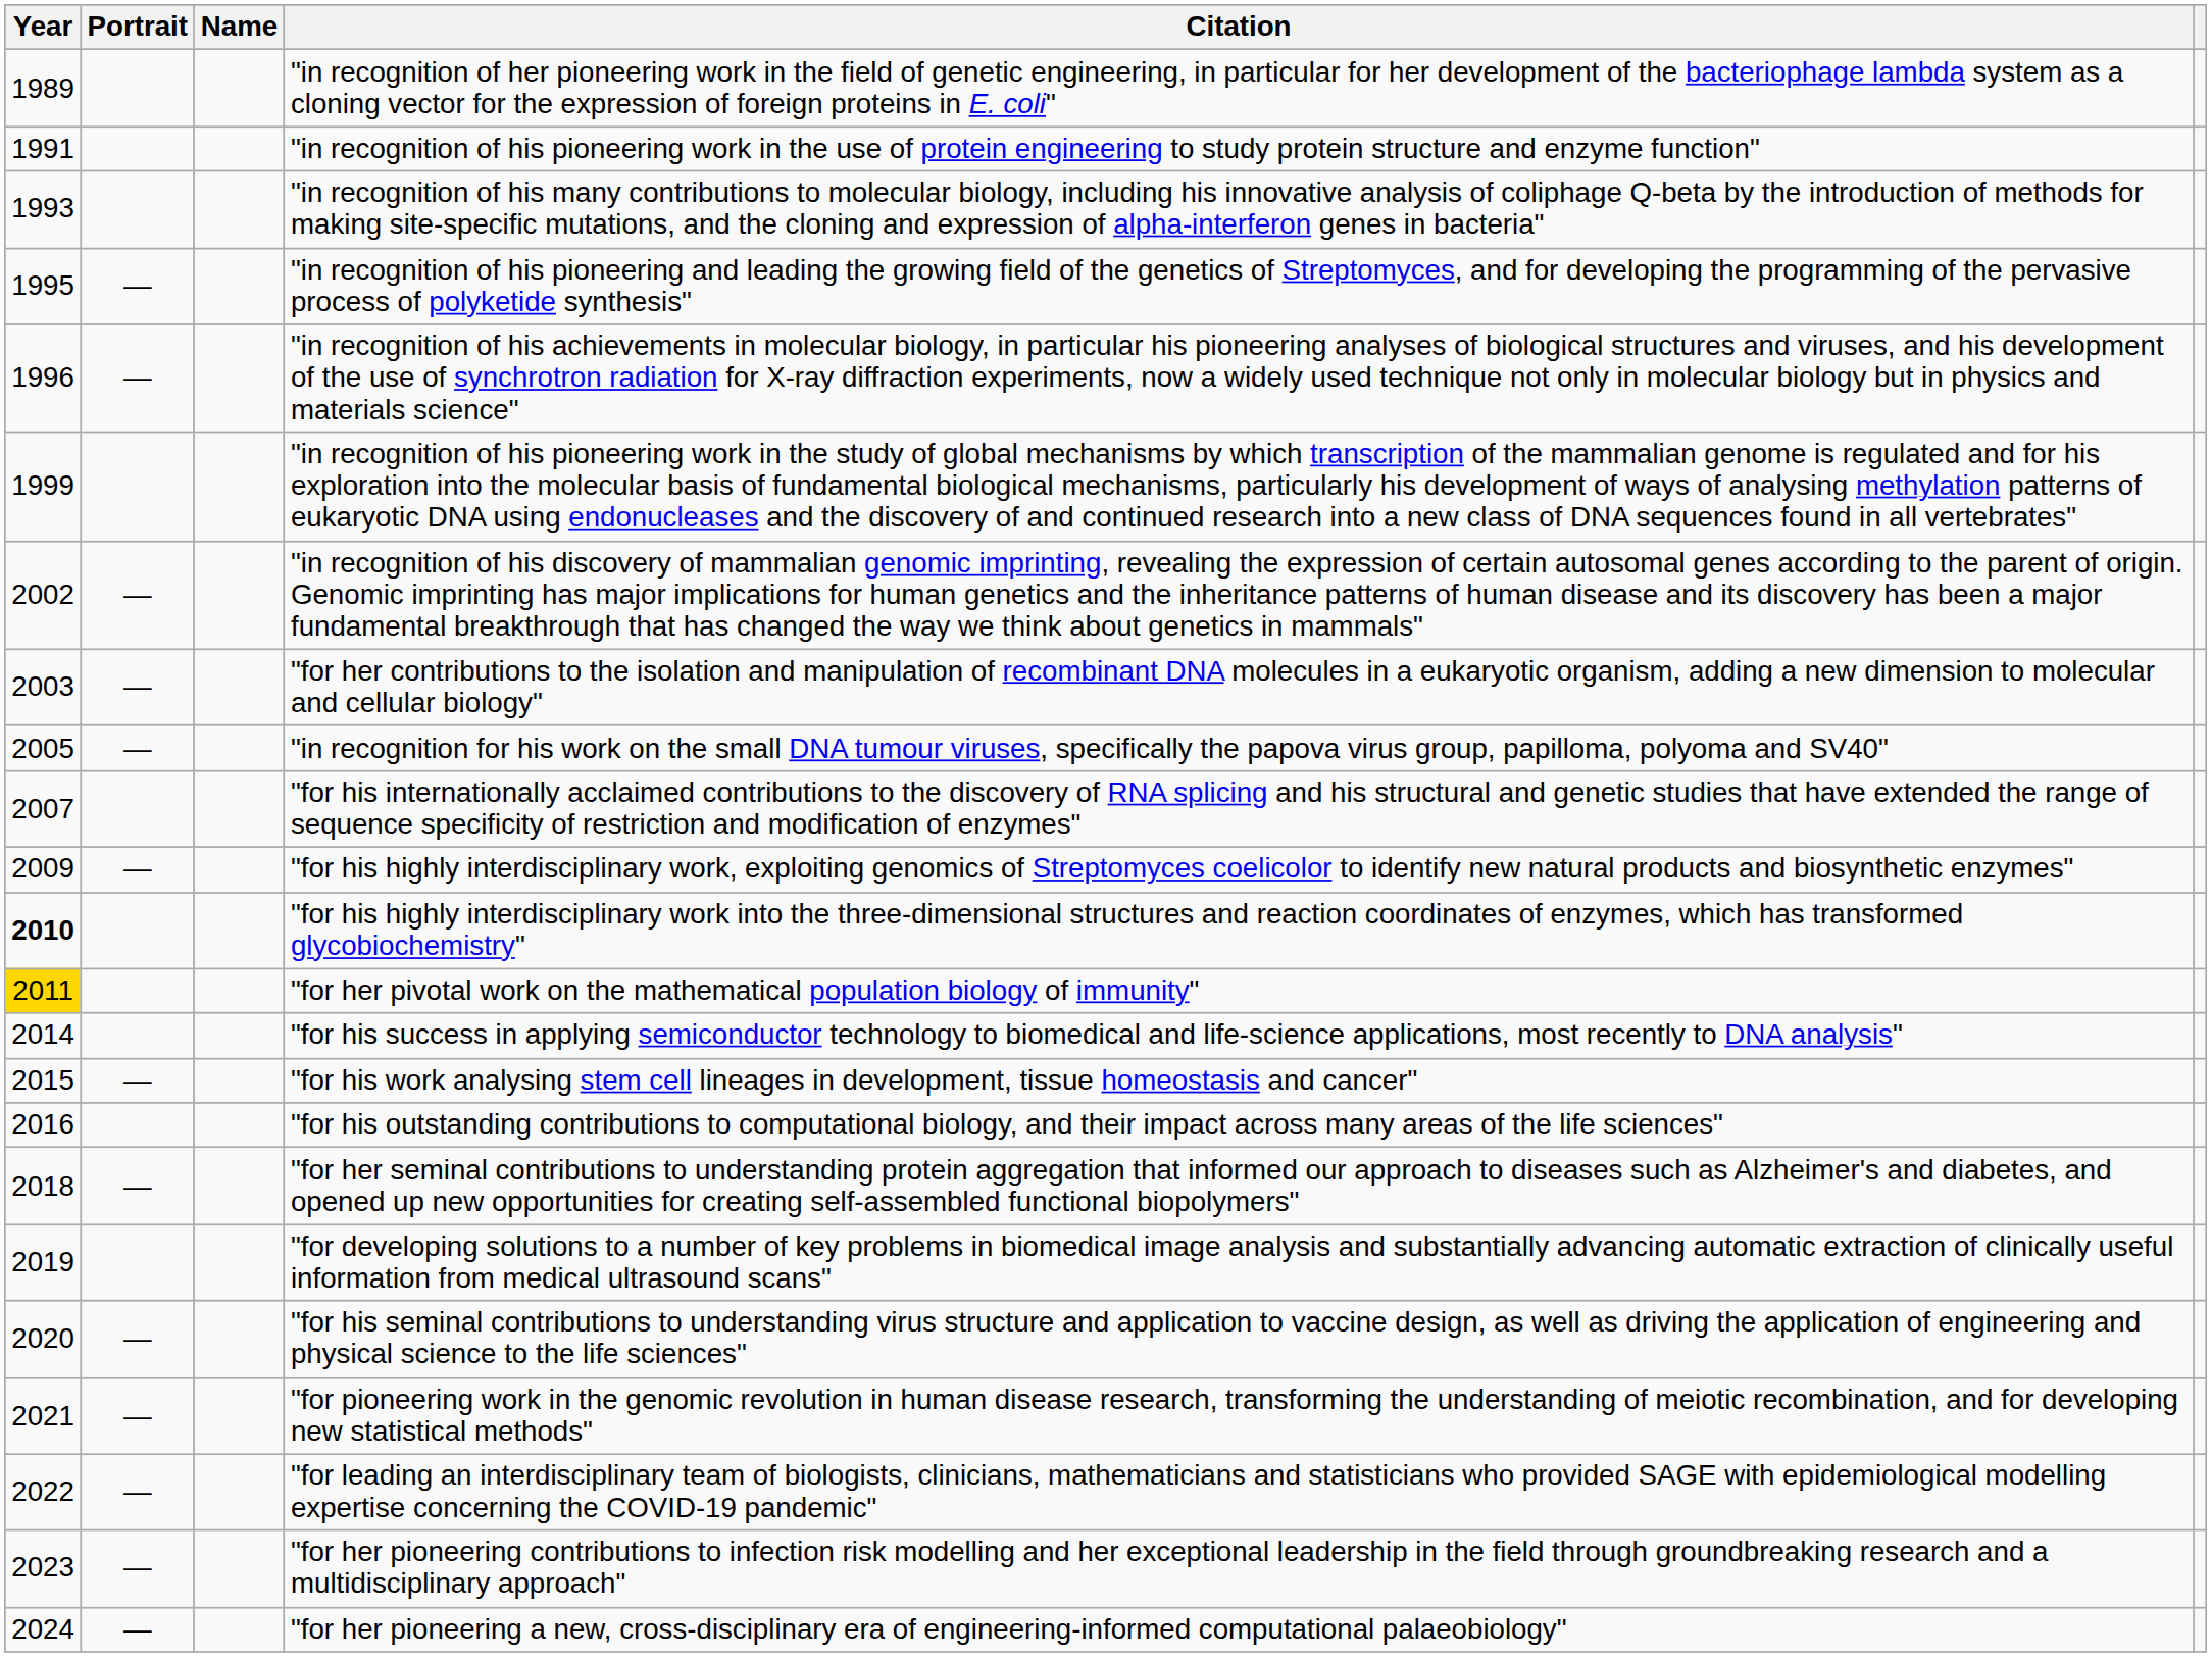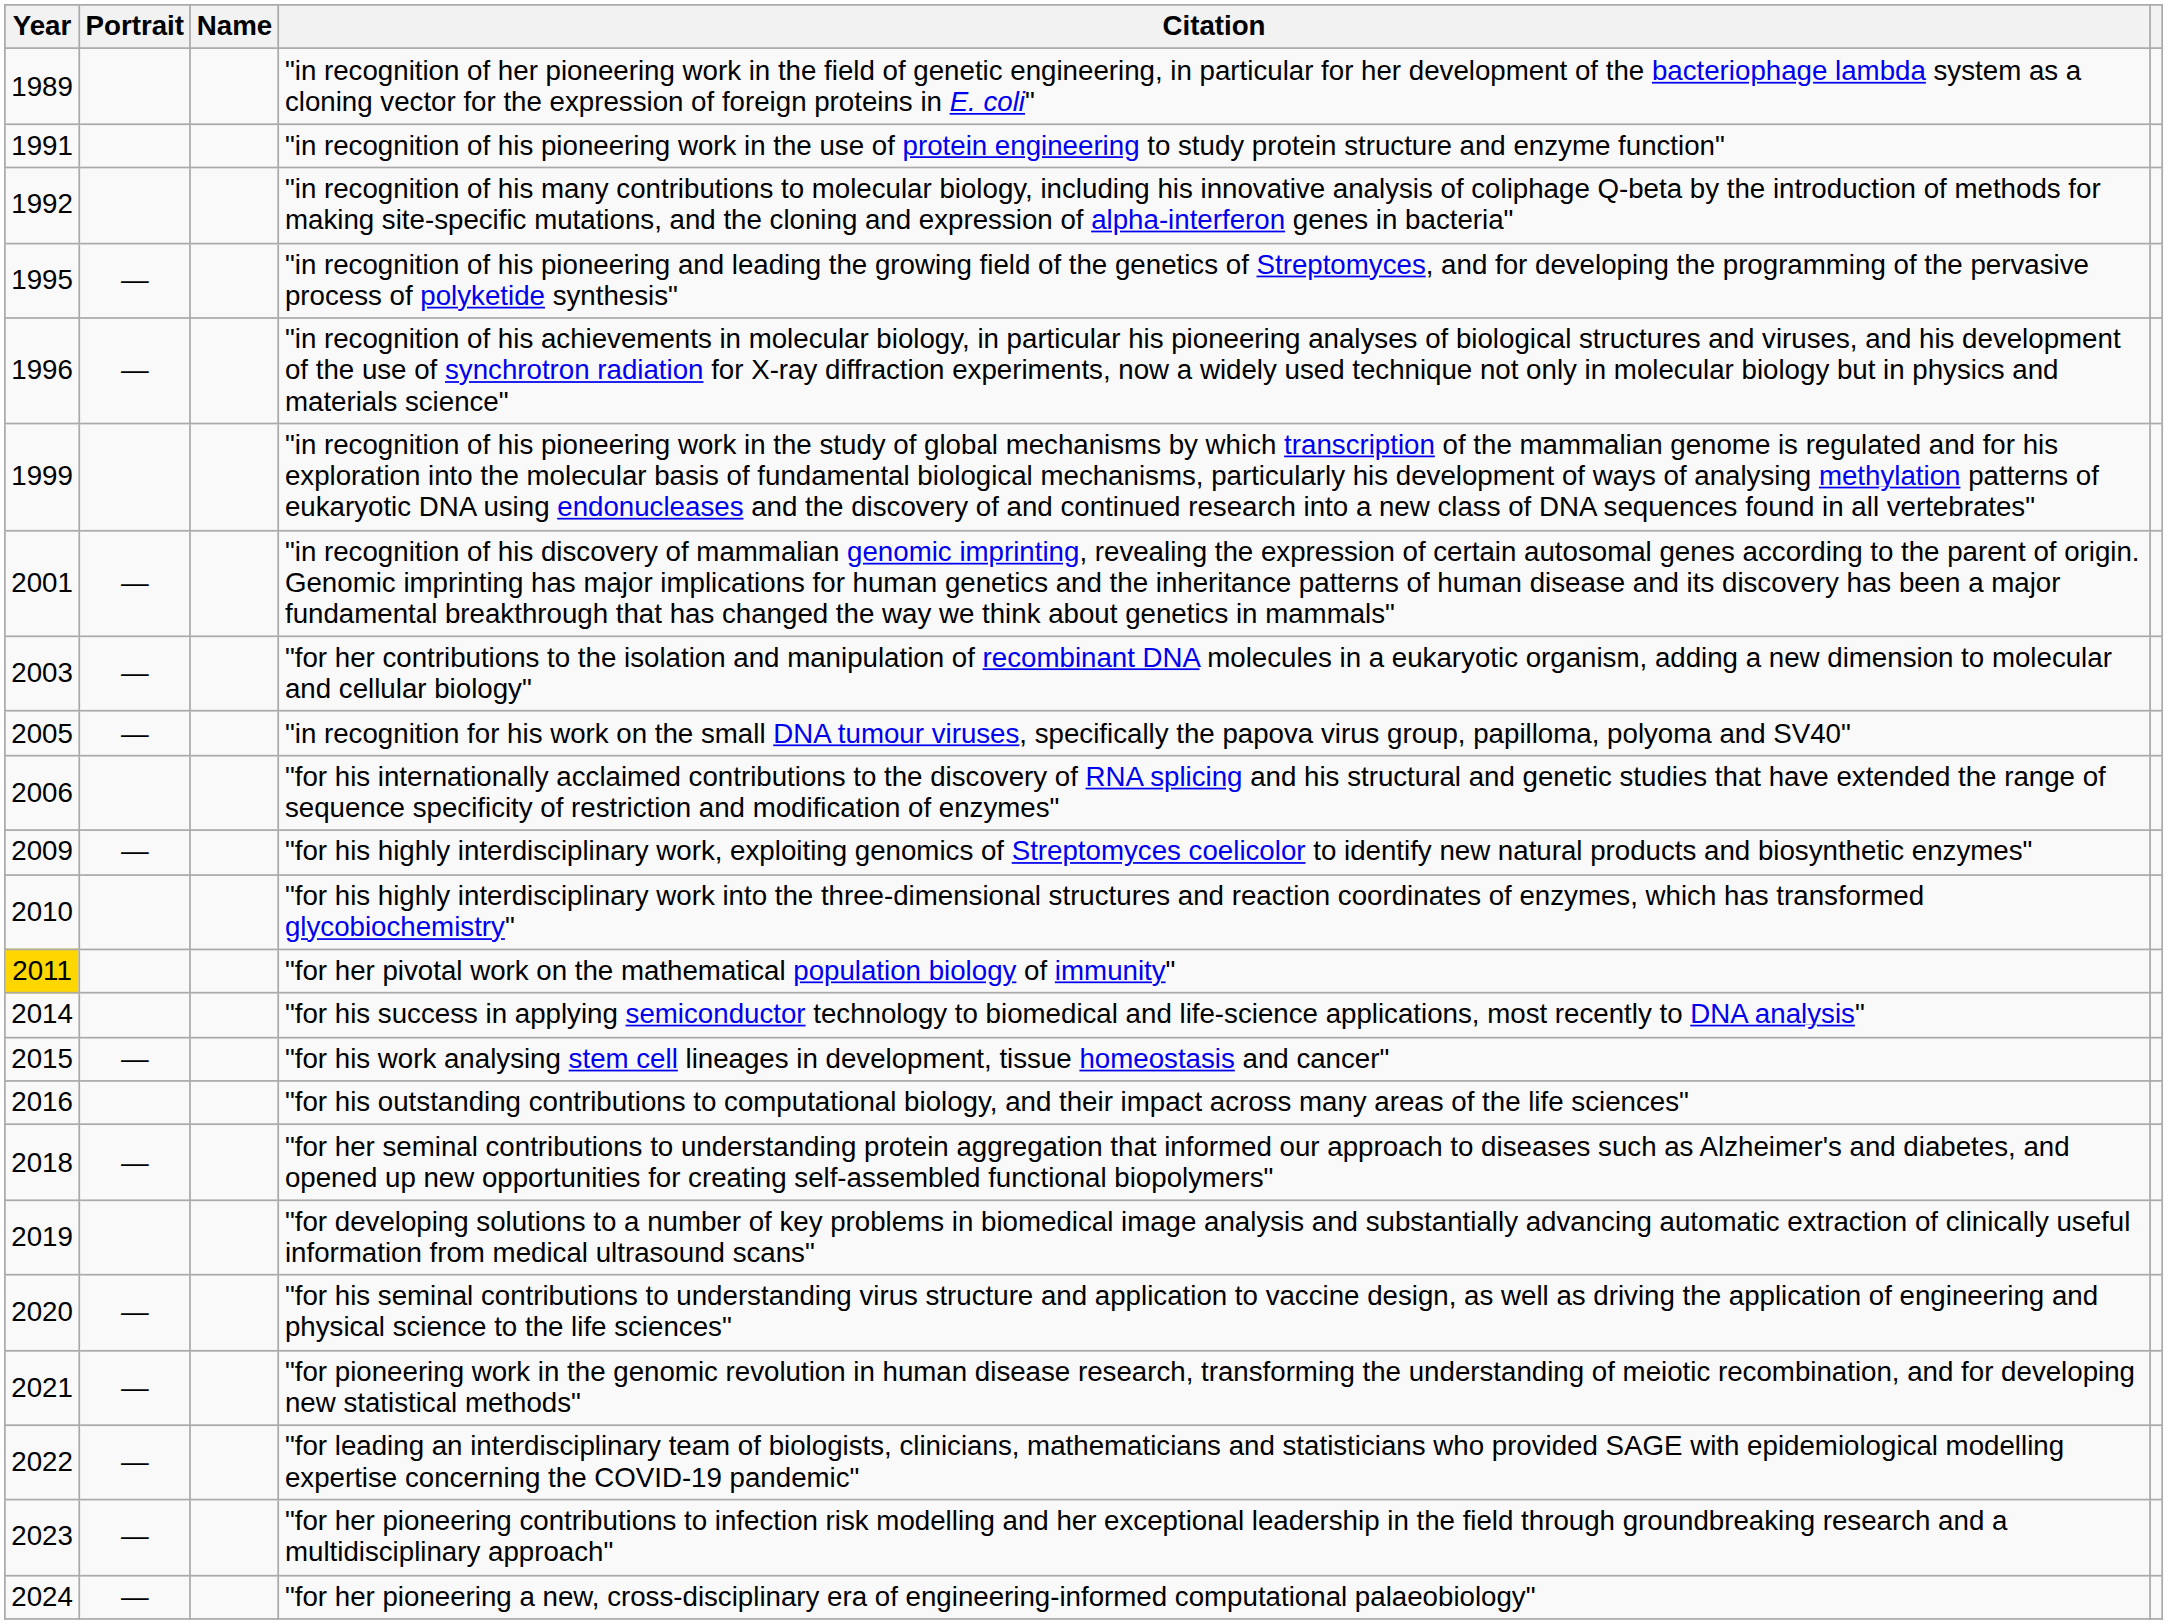 <table class="wikitable sortable plainrowheaders" border="1" style="text-align:center">
 <tr>
 <th scope="col">Year</th>
 <th scope=col class="unsortable">Portrait</th>
 <th scope="col">Name</th>
 <th scope=col class="unsortable">Citation</th>
 <th scope=col class="unsortable"></th>
 </tr>
 <tr>
 <td scope="row">1989</td>
 <td></td>
 <td></td>
 <td align=left>"in recognition of her pioneering work in the field of genetic engineering, in particular for her development of the <a href='#'>bacteriophage lambda</a> system as a cloning vector for the expression of foreign proteins in <em><a href='#'>E. coli</a></em>"</td>
 <td></td>
 </tr>
 <tr>
 <td scope="row">1991</td>
 <td></td>
 <td></td>
 <td align=left>"in recognition of his pioneering work in the use of <a href='#'>protein engineering</a> to study protein structure and enzyme function"</td>
 <td></td>
 </tr>
 <tr>
-<td scope="row">1993</td>
+<td scope="row">1992</td>
 <td></td>
 <td></td>
 <td align=left>"in recognition of his many contributions to molecular biology, including his innovative analysis of coliphage Q-beta by the introduction of methods for making site-specific mutations, and the cloning and expression of <a href='#'>alpha-interferon</a> genes in bacteria"</td>
 <td></td>
 </tr>
 <tr>
 <td scope="row">1995</td>
 <td>—</td>
 <td></td>
 <td align=left>"in recognition of his pioneering and leading the growing field of the genetics of <a href='#'>Streptomyces</a>, and for developing the programming of the pervasive process of <a href='#'>polyketide</a> synthesis"</td>
 <td></td>
 </tr>
 <tr>
 <td scope="row">1996</td>
 <td>—</td>
 <td></td>
 <td align=left>"in recognition of his achievements in molecular biology, in particular his pioneering analyses of biological structures and viruses, and his development of the use of <a href='#'>synchrotron radiation</a> for X-ray diffraction experiments, now a widely used technique not only in molecular biology but in physics and materials science"</td>
 <td></td>
 </tr>
 <tr>
 <td scope="row">1999</td>
 <td></td>
 <td></td>
 <td align=left>"in recognition of his pioneering work in the study of global mechanisms by which <a href='#'>transcription</a> of the mammalian genome is regulated and for his exploration into the molecular basis of fundamental biological mechanisms, particularly his development of ways of analysing <a href='#'>methylation</a> patterns of eukaryotic DNA using <a href='#'>endonucleases</a> and the discovery of and continued research into a new class of DNA sequences found in all vertebrates"</td>
 <td></td>
 </tr>
 <tr>
-<td scope="row">2002</td>
+<td scope="row">2001</td>
 <td>—</td>
 <td></td>
 <td align=left>"in recognition of his discovery of mammalian <a href='#'>genomic imprinting</a>, revealing the expression of certain autosomal genes according to the parent of origin.  Genomic imprinting has major implications for human genetics and the inheritance patterns of human disease and its discovery has been a major fundamental breakthrough that has changed the way we think about genetics in mammals"</td>
 <td></td>
 </tr>
 <tr>
 <td scope="row">2003</td>
 <td>—</td>
 <td></td>
 <td align=left>"for her contributions to the isolation and manipulation of <a href='#'>recombinant DNA</a> molecules in a eukaryotic organism, adding a new dimension to molecular and cellular biology"</td>
 <td></td>
 </tr>
 <tr>
 <td scope="row">2005</td>
 <td>—</td>
 <td></td>
 <td align=left>"in recognition for his work on the small <a href='#'>DNA tumour viruses</a>, specifically the papova virus group, papilloma, polyoma and SV40"</td>
 <td></td>
 </tr>
 <tr>
-<td scope="row">2007</td>
+<td scope="row">2006</td>
 <td></td>
 <td></td>
 <td align=left>"for his internationally acclaimed contributions to the discovery of <a href='#'>RNA splicing</a> and his structural and genetic studies that have extended the range of sequence specificity of restriction and modification of enzymes"</td>
 <td></td>
 </tr>
 <tr>
 <td scope="row">2009</td>
 <td>—</td>
 <td></td>
 <td align=left>"for his highly interdisciplinary work, exploiting genomics of <a href='#'>Streptomyces coelicolor</a> to identify new natural products and biosynthetic enzymes"</td>
 <td></td>
 </tr>
 <tr>
-<td scope="row"><strong>2010</strong></td>
+<td scope="row">2010</td>
 <td></td>
 <td></td>
 <td align=left>"for his highly interdisciplinary work into the three-dimensional structures and reaction coordinates of enzymes, which has transformed <a href='#'>glycobiochemistry</a>"</td>
 <td></td>
 </tr>
 <tr>
 <td scope="row" style="background: gold;">2011</td>
 <td></td>
 <td></td>
 <td align=left>"for her pivotal work on the mathematical <a href='#'>population biology</a> of <a href='#'>immunity</a>"</td>
 <td></td>
 </tr>
 <tr>
 <td scope="row">2014</td>
 <td></td>
 <td></td>
 <td align=left>"for his success in applying <a href='#'>semiconductor</a> technology to biomedical and life-science applications, most recently to <a href='#'>DNA analysis</a>"</td>
 <td></td>
 </tr>
 <tr>
 <td scope="row">2015</td>
 <td>—</td>
 <td></td>
 <td align=left>"for his work analysing <a href='#'>stem cell</a> lineages in development, tissue <a href='#'>homeostasis</a> and cancer"</td>
 <td></td>
 </tr>
 <tr>
 <td scope="row">2016</td>
 <td></td>
 <td></td>
 <td align=left>"for his outstanding contributions to computational biology, and their impact across many areas of the life sciences"</td>
 <td></td>
 </tr>
 <tr>
 <td scope="row">2018</td>
 <td>—</td>
 <td></td>
 <td align=left>"for her seminal contributions to understanding protein aggregation that informed our approach to diseases such as Alzheimer's and diabetes, and opened up new opportunities for creating self-assembled functional biopolymers"</td>
 <td></td>
 </tr>
 <tr>
 <td scope="row">2019</td>
 <td></td>
 <td></td>
 <td align=left>"for developing solutions to a number of key problems in biomedical image analysis and substantially advancing automatic extraction of clinically useful information from medical ultrasound scans"</td>
 <td></td>
 </tr>
 <tr>
 <td scope="row">2020</td>
 <td>—</td>
 <td></td>
 <td align=left>"for his seminal contributions to understanding virus structure and application to vaccine design, as well as driving the application of engineering and physical science to the life sciences"</td>
 <td></td>
 </tr>
 <tr>
 <td scope="row">2021</td>
 <td>—</td>
 <td></td>
 <td align=left>"for pioneering work in the genomic revolution in human disease research, transforming the understanding of meiotic recombination, and for developing new statistical methods"</td>
 <td></td>
 </tr>
 <tr>
 <td scope="row">2022</td>
 <td>—</td>
 <td></td>
 <td align=left>"for leading an interdisciplinary team of biologists, clinicians, mathematicians and statisticians who provided SAGE with epidemiological modelling expertise concerning the COVID-19 pandemic"</td>
 <td></td>
 </tr>
 <tr>
 <td scope="row">2023</td>
 <td>—</td>
 <td></td>
 <td align=left>"for her pioneering contributions to infection risk modelling and her exceptional leadership in the field through groundbreaking research and a multidisciplinary approach"</td>
 <td></td>
 </tr>
 <tr>
 <td scope="row">2024</td>
 <td>—</td>
 <td></td>
 <td align=left>"for her pioneering a new, cross-disciplinary era of engineering-informed computational palaeobiology"</td>
 <td></td>
 </tr>
 </table>
